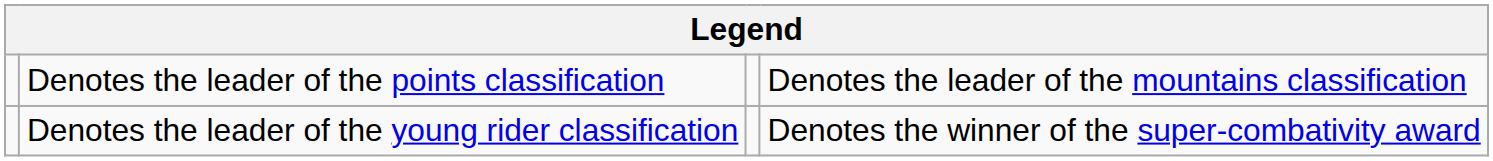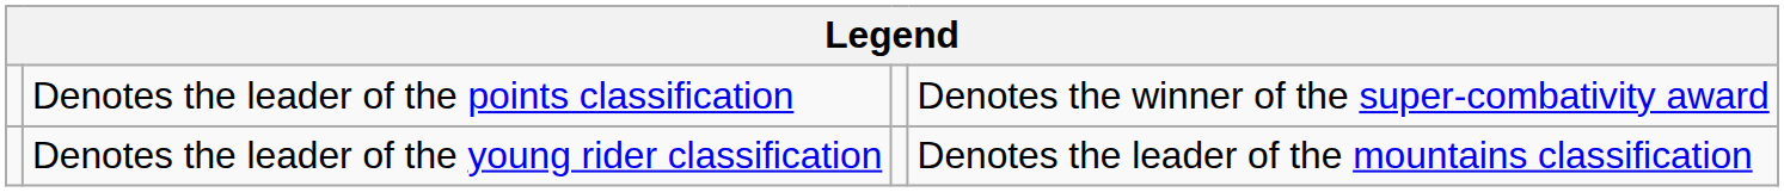 <table class="wikitable">
 <tr>
 <th scope="col" colspan="4">Legend</th>
 </tr>
 <tr>
 <td></td>
 <td>Denotes the leader of the <a href='#'>points classification</a></td>
 <td></td>
-<td>Denotes the leader of the <a href='#'>mountains classification</a></td>
+<td>Denotes the winner of the <a href='#'>super-combativity award</a></td>
 </tr>
 <tr>
 <td></td>
 <td>Denotes the leader of the <a href='#'>young rider classification</a></td>
 <td></td>
-<td>Denotes the winner of the <a href='#'>super-combativity award</a></td>
+<td>Denotes the leader of the <a href='#'>mountains classification</a></td>
 </tr>
 </table>
